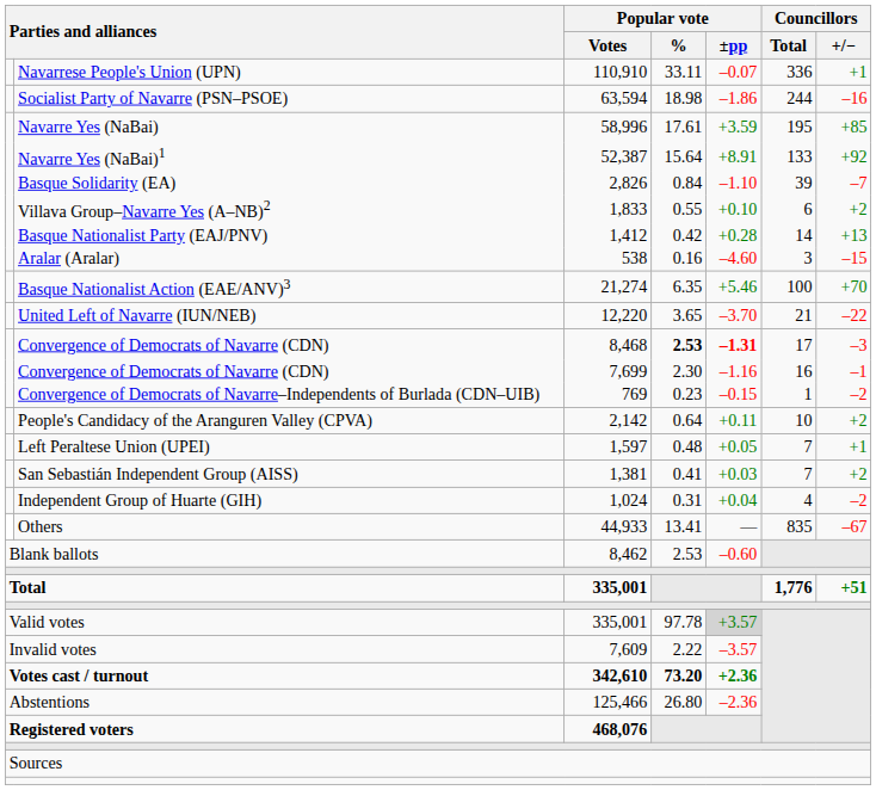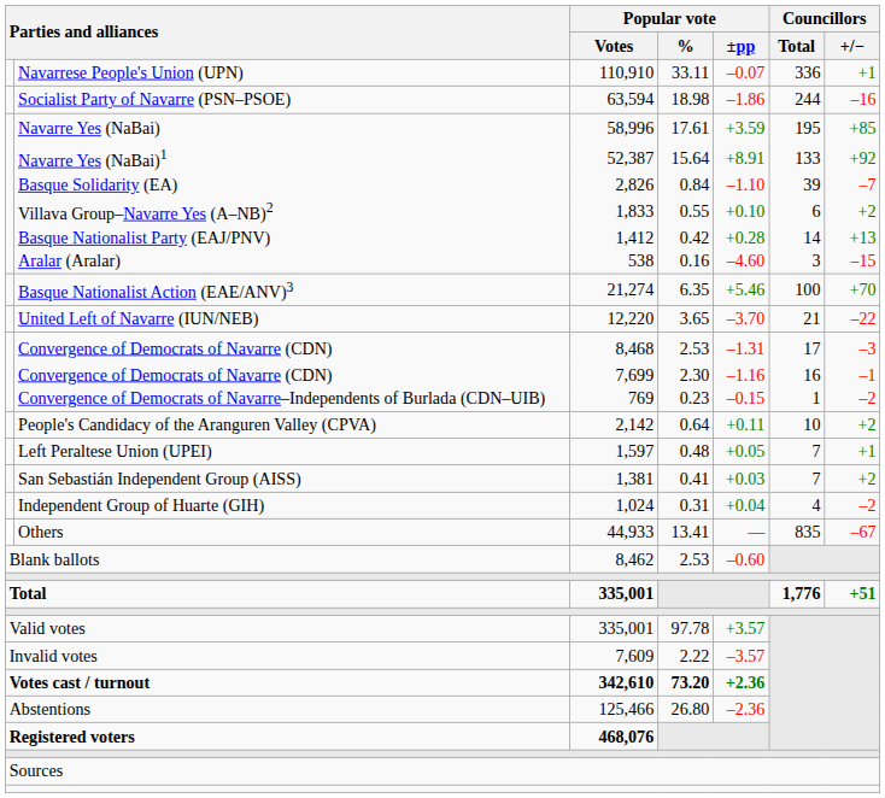 <table class="wikitable" style="text-align:right;">
 <tr>
 <th style="text-align:left;" rowspan="2" colspan="2" width="525">Parties and alliances</th>
 <th colspan="3">Popular vote</th>
 <th colspan="2">Councillors</th>
 </tr>
 <tr>
 <th width="75">Votes</th>
 <th width="45">%</th>
 <th width="45">±<a href='#'>pp</a></th>
 <th width="45">Total</th>
 <th width="45">+/−</th>
 </tr>
 <tr>
 <td width="1" style="color:inherit;background:"></td>
 <td align="left"><a href='#'>Navarrese People's Union</a> (UPN)</td>
 <td>110,910</td>
 <td>33.11</td>
 <td style="color:red;">–0.07</td>
 <td>336</td>
 <td style="color:green;">+1</td>
 </tr>
 <tr>
 <td style="color:inherit;background:"></td>
 <td align="left"><a href='#'>Socialist Party of Navarre</a> (PSN–PSOE)</td>
 <td>63,594</td>
 <td>18.98</td>
 <td style="color:red;">–1.86</td>
 <td>244</td>
 <td style="color:red;">–16</td>
 </tr>
 <tr style="line-height:22px;">
 <td rowspan="6" style="color:inherit;background:"></td>
 <td align="left"><a href='#'>Navarre Yes</a> (NaBai)</td>
 <td>58,996</td>
 <td>17.61</td>
 <td style="color:green;">+3.59</td>
 <td>195</td>
 <td style="color:green;">+85</td>
 </tr>
 <tr style="border-bottom-style:hidden; border-top-style:hidden; line-height:16px;">
 <td align="left"><span><a href='#'>Navarre Yes</a> (NaBai)<sup>1</sup></span></td>
 <td>52,387</td>
 <td>15.64</td>
 <td style="color:green;">+8.91</td>
 <td>133</td>
 <td style="color:green;">+92</td>
 </tr>
 <tr style="border-bottom-style:hidden; line-height:16px;">
 <td align="left"><span><a href='#'>Basque Solidarity</a> (EA)</span></td>
 <td>2,826</td>
 <td>0.84</td>
 <td style="color:red;">–1.10</td>
 <td>39</td>
 <td style="color:red;">–7</td>
 </tr>
 <tr style="border-bottom-style:hidden; line-height:16px;">
 <td align="left"><span>Villava Group–<a href='#'>Navarre Yes</a> (A–NB)<sup>2</sup></span></td>
 <td>1,833</td>
 <td>0.55</td>
 <td style="color:green;">+0.10</td>
 <td>6</td>
 <td style="color:green;">+2</td>
 </tr>
 <tr style="border-bottom-style:hidden; line-height:16px;">
 <td align="left"><span><a href='#'>Basque Nationalist Party</a> (EAJ/PNV)</span></td>
 <td>1,412</td>
 <td>0.42</td>
 <td style="color:green;">+0.28</td>
 <td>14</td>
 <td style="color:green;">+13</td>
 </tr>
 <tr style="line-height:16px;">
 <td align="left"><span><a href='#'>Aralar</a> (Aralar)</span></td>
 <td>538</td>
 <td>0.16</td>
 <td style="color:red;">–4.60</td>
 <td>3</td>
 <td style="color:red;">–15</td>
 </tr>
 <tr>
 <td style="color:inherit;background:"></td>
 <td align="left"><a href='#'>Basque Nationalist Action</a> (EAE/ANV)<sup>3</sup></td>
 <td>21,274</td>
 <td>6.35</td>
 <td style="color:green;">+5.46</td>
 <td>100</td>
 <td style="color:green;">+70</td>
 </tr>
 <tr>
 <td style="color:inherit;background:"></td>
 <td align="left"><a href='#'>United Left of Navarre</a> (IUN/NEB)</td>
 <td>12,220</td>
 <td>3.65</td>
 <td style="color:red;">–3.70</td>
 <td>21</td>
 <td style="color:red;">–22</td>
 </tr>
 <tr style="line-height:22px;">
 <td rowspan="3" style="color:inherit;background:"></td>
 <td align="left"><a href='#'>Convergence of Democrats of Navarre</a> (CDN)</td>
 <td>8,468</td>
-<td><strong>2.53</strong></td>
-<td style="color:red;"><strong>–1.31</strong></td>
+<td>2.53</td>
+<td style="color:red;">–1.31</td>
 <td>17</td>
 <td style="color:red;">–3</td>
 </tr>
 <tr style="border-bottom-style:hidden; border-top-style:hidden; line-height:16px;">
 <td align="left"><span><a href='#'>Convergence of Democrats of Navarre</a> (CDN)</span></td>
 <td>7,699</td>
 <td>2.30</td>
 <td style="color:red;">–1.16</td>
 <td>16</td>
 <td style="color:red;">–1</td>
 </tr>
 <tr style="line-height:16px;">
 <td align="left"><span><a href='#'>Convergence of Democrats of Navarre</a>–Independents of Burlada (CDN–UIB)</span></td>
 <td>769</td>
 <td>0.23</td>
 <td style="color:red;">–0.15</td>
 <td>1</td>
 <td style="color:red;">–2</td>
 </tr>
 <tr>
 <td style="color:inherit;background:"></td>
 <td align="left">People's Candidacy of the Aranguren Valley (CPVA)</td>
 <td>2,142</td>
 <td>0.64</td>
 <td style="color:green;">+0.11</td>
 <td>10</td>
 <td style="color:green;">+2</td>
 </tr>
 <tr>
 <td style="color:inherit;background:"></td>
 <td align="left">Left Peraltese Union (UPEI)</td>
 <td>1,597</td>
 <td>0.48</td>
 <td style="color:green;">+0.05</td>
 <td>7</td>
 <td style="color:green;">+1</td>
 </tr>
 <tr>
 <td style="color:inherit;background:"></td>
 <td align="left">San Sebastián Independent Group (AISS)</td>
 <td>1,381</td>
 <td>0.41</td>
 <td style="color:green;">+0.03</td>
 <td>7</td>
 <td style="color:green;">+2</td>
 </tr>
 <tr>
 <td style="color:inherit;background:"></td>
 <td align="left">Independent Group of Huarte (GIH)</td>
 <td>1,024</td>
 <td>0.31</td>
 <td style="color:green;">+0.04</td>
 <td>4</td>
 <td style="color:red;">–2</td>
 </tr>
 <tr>
 <td bgcolor="white"></td>
 <td align="left">Others</td>
 <td>44,933</td>
 <td>13.41</td>
 <td>—</td>
 <td>835</td>
 <td style="color:red;">–67</td>
 </tr>
 <tr>
 <td align="left" colspan="2">Blank ballots</td>
 <td>8,462</td>
 <td>2.53</td>
 <td style="color:red;">–0.60</td>
 <td bgcolor="#E9E9E9" colspan="2"></td>
 </tr>
 <tr>
 <td colspan="7" bgcolor="#E9E9E9"></td>
 </tr>
 <tr style="font-weight:bold;">
 <td align="left" colspan="2">Total</td>
 <td>335,001</td>
 <td bgcolor="#E9E9E9" colspan="2"></td>
 <td>1,776</td>
 <td style="color:green;">+51</td>
 </tr>
 <tr>
 <td colspan="7" bgcolor="#E9E9E9"></td>
 </tr>
 <tr>
 <td align="left" colspan="2">Valid votes</td>
 <td>335,001</td>
 <td>97.78</td>
-<td style="background: lightgrey; color:green;">+3.57</td>
+<td style="color:green;">+3.57</td>
 <td bgcolor="#E9E9E9" colspan="2" rowspan="5"></td>
 </tr>
 <tr>
 <td align="left" colspan="2">Invalid votes</td>
 <td>7,609</td>
 <td>2.22</td>
 <td style="color:red;">–3.57</td>
 </tr>
 <tr style="font-weight:bold;">
 <td align="left" colspan="2">Votes cast / turnout</td>
 <td>342,610</td>
 <td>73.20</td>
 <td style="color:green;">+2.36</td>
 </tr>
 <tr>
 <td align="left" colspan="2">Abstentions</td>
 <td>125,466</td>
 <td>26.80</td>
 <td style="color:red;">–2.36</td>
 </tr>
 <tr style="font-weight:bold;">
 <td align="left" colspan="2">Registered voters</td>
 <td>468,076</td>
 <td bgcolor="#E9E9E9" colspan="2"></td>
 </tr>
 <tr>
 <td colspan="7" bgcolor="#E9E9E9"></td>
 </tr>
 <tr>
 <td align="left" colspan="7">Sources</td>
 </tr>
 <tr>
 <td colspan="7" style="text-align:left; max-width:790px;"></td>
 </tr>
 </table>
